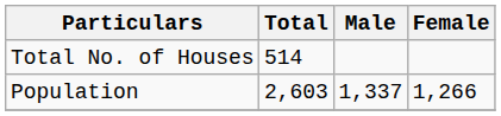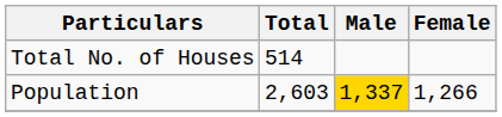 <table class="wikitable sortable">
 <tr>
 <th>Particulars</th>
 <th>Total</th>
 <th>Male</th>
 <th>Female</th>
 </tr>
 <tr>
 <td>Total No. of Houses</td>
 <td>514</td>
 <td></td>
 <td></td>
 </tr>
 <tr>
 <td>Population</td>
 <td>2,603</td>
-<td>1,337</td>
+<td style="background: gold;">1,337</td>
 <td>1,266</td>
 </tr>
 <tr>
 </tr>
 </table>
